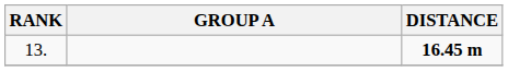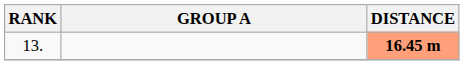 <table class="wikitable" style="border-collapse: collapse; font-size: 90%;">
 <tr>
 <th>RANK</th>
 <th align="center" style="width: 18em">GROUP A</th>
 <th>DISTANCE</th>
 </tr>
 <tr>
 <td align="center">13.</td>
 <td></td>
-<td align="center"><strong>16.45 m</strong></td>
+<td align="center" style="background: lightsalmon;"><strong>16.45 m</strong></td>
 </tr>
 <tr>
 </tr>
 </table>
